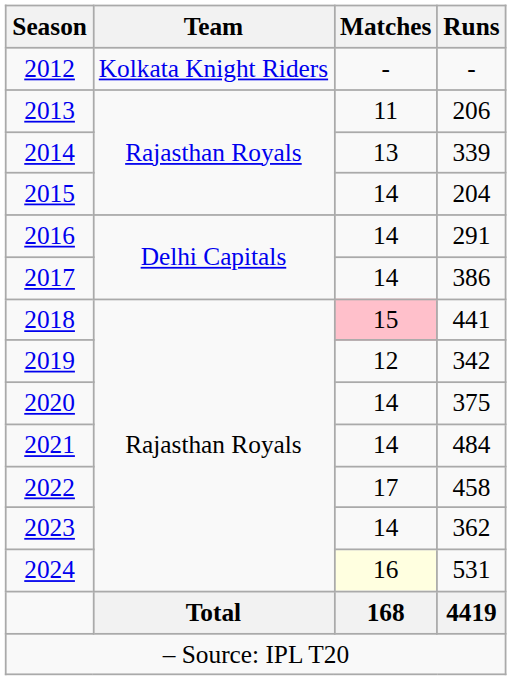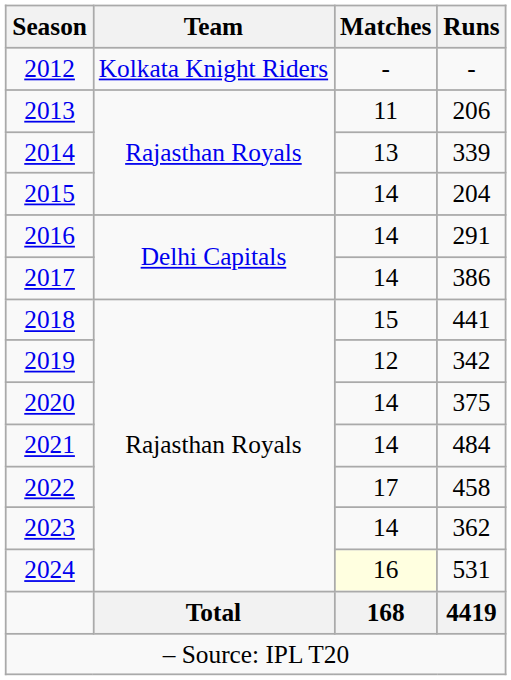 <table class="wikitable" style="font-size:90%; float:right; clear:right; text-align:center; margin-right:15px">
 <tr>
 <th>Season</th>
 <th>Team</th>
 <th>Matches</th>
 <th>Runs</th>
 </tr>
 <tr>
 <td><a href='#'>2012</a></td>
 <td><a href='#'>Kolkata Knight Riders</a></td>
 <td>-</td>
 <td>-</td>
 </tr>
 <tr>
 <td><a href='#'>2013</a></td>
 <td rowspan="3"><a href='#'>Rajasthan Royals</a></td>
 <td>11</td>
 <td>206</td>
 </tr>
 <tr>
 <td><a href='#'>2014</a></td>
 <td>13</td>
 <td>339</td>
 </tr>
 <tr>
 <td><a href='#'>2015</a></td>
 <td>14</td>
 <td>204</td>
 </tr>
 <tr>
 <td><a href='#'>2016</a></td>
 <td rowspan="2"><a href='#'>Delhi Capitals</a></td>
 <td>14</td>
 <td>291</td>
 </tr>
 <tr>
 <td><a href='#'>2017</a></td>
 <td>14</td>
 <td>386</td>
 </tr>
 <tr>
 <td><a href='#'>2018</a></td>
 <td rowspan="7">Rajasthan Royals</td>
-<td style="background: pink;">15</td>
+<td>15</td>
 <td>441</td>
 </tr>
 <tr>
 <td><a href='#'>2019</a></td>
 <td>12</td>
 <td>342</td>
 </tr>
 <tr>
 <td><a href='#'>2020</a></td>
 <td>14</td>
 <td>375</td>
 </tr>
 <tr>
 <td><a href='#'>2021</a></td>
 <td>14</td>
 <td>484</td>
 </tr>
 <tr>
 <td><a href='#'>2022</a></td>
 <td>17</td>
 <td>458</td>
 </tr>
 <tr>
 <td><a href='#'>2023</a></td>
 <td>14</td>
 <td>362</td>
 </tr>
 <tr>
 <td><a href='#'>2024</a></td>
 <td style="background: lightyellow;">16</td>
 <td>531</td>
 </tr>
 <tr>
 <td></td>
 <th>Total</th>
 <th>168</th>
 <th>4419</th>
 </tr>
 <tr>
 <td colspan="4";> – Source: IPL T20</td>
 </tr>
 </table>
